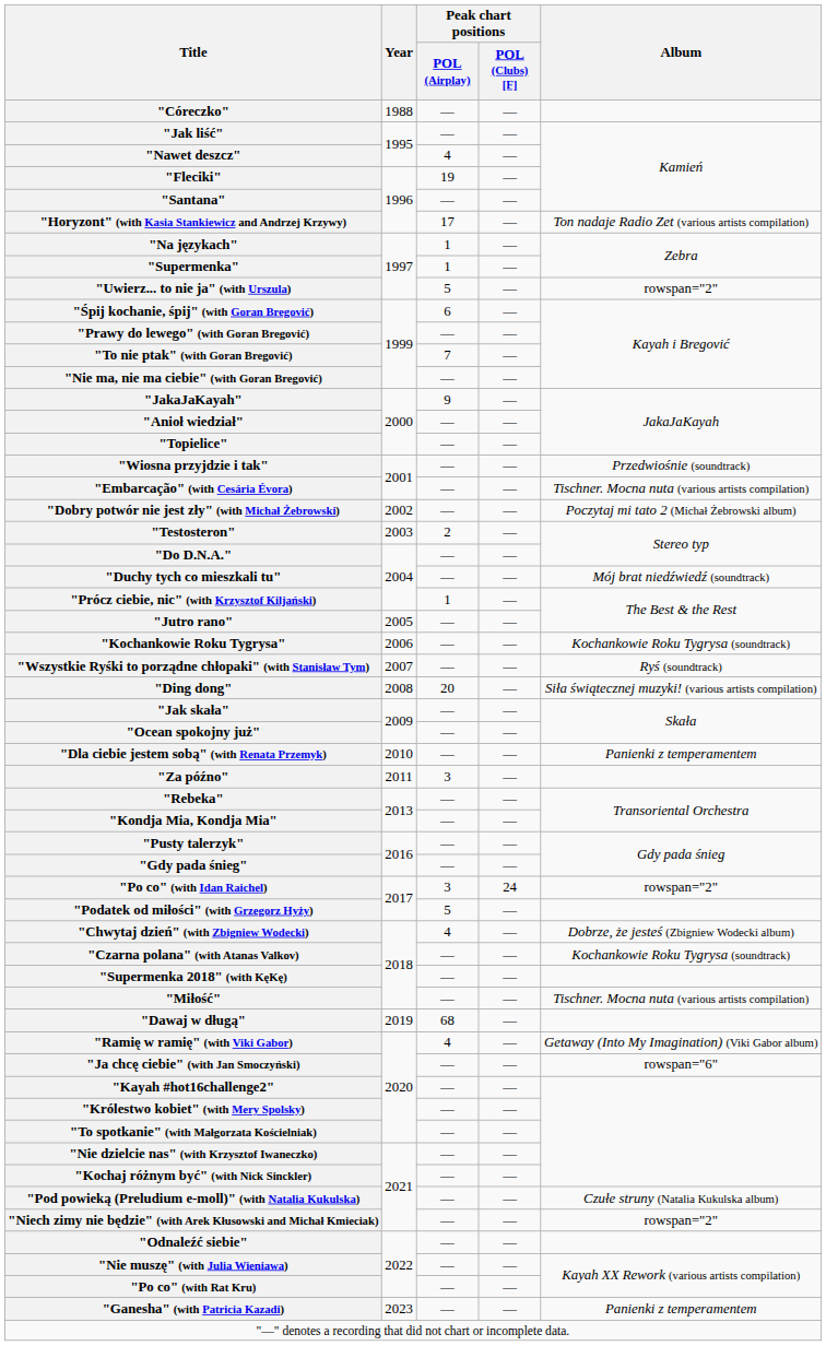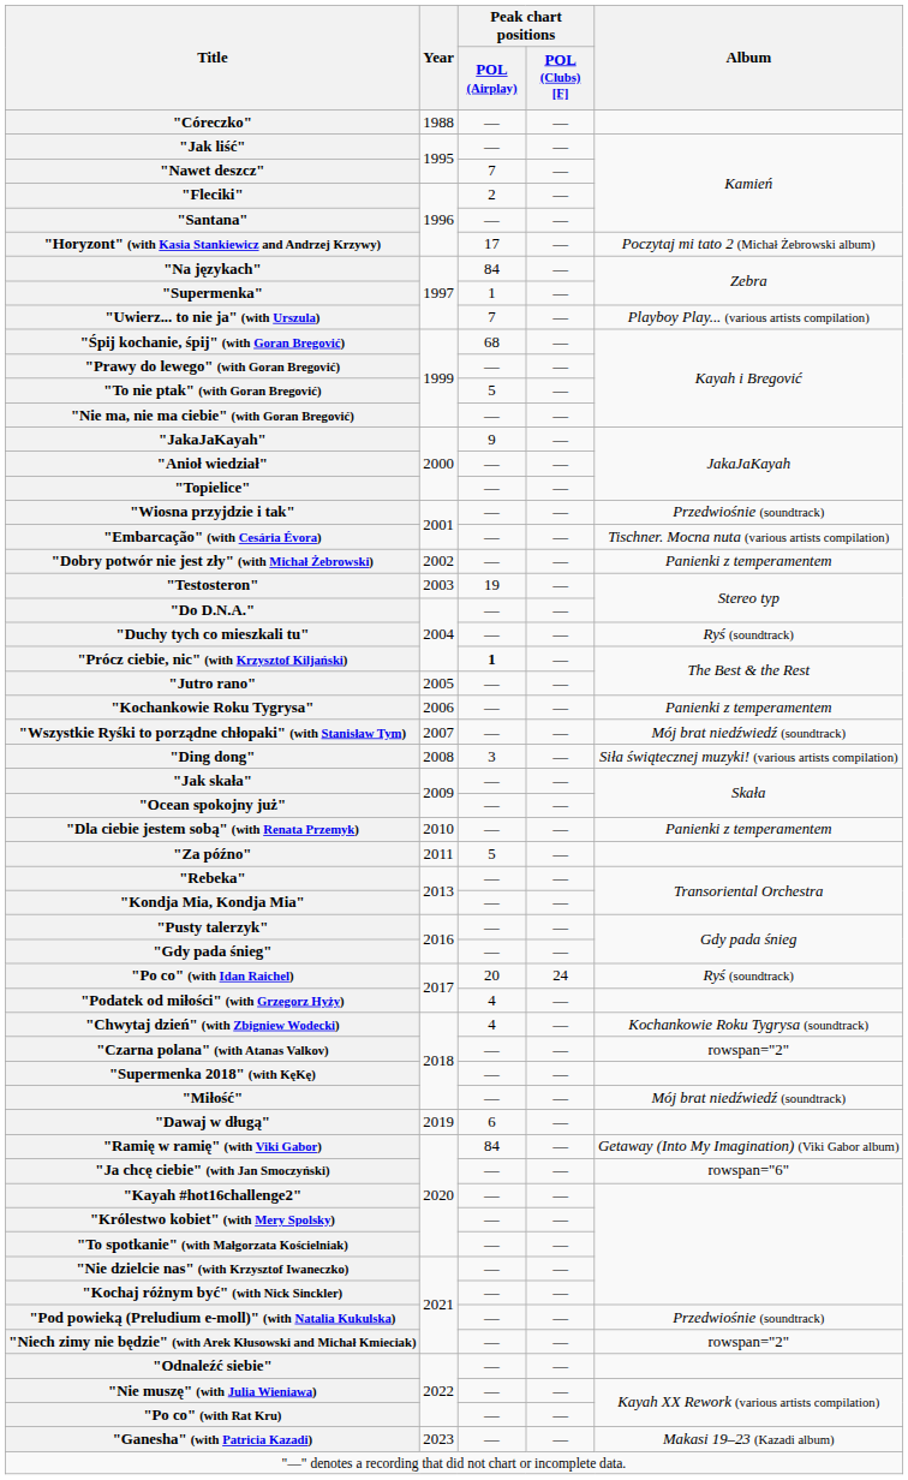 <table class="wikitable plainrowheaders" style="text-align:center;">
 <tr>
 <th scope="col" rowspan="2">Title</th>
 <th scope="col" rowspan="2">Year</th>
 <th scope="col" colspan="2">Peak chart positions</th>
 <th scope="col" rowspan="2">Album</th>
 </tr>
 <tr>
 <th scope="col" style="width:4em"><a href='#'>POL<br><small>(Airplay)</small></a><br></th>
 <th scope="col" style="width:4em"><a href='#'>POL<br><small>(Clubs)</small></a><br><sup><span></span><a href='#'><strong>[F]</strong></a></sup></th>
 </tr>
 <tr>
 <th scope="row">"Córeczko"</th>
 <td>1988</td>
 <td>—</td>
 <td>—</td>
 <td></td>
 </tr>
 <tr>
 <th scope="row">"Jak liść"</th>
 <td rowspan="2">1995</td>
 <td>—</td>
 <td>—</td>
 <td rowspan="4"><em>Kamień</em></td>
 </tr>
 <tr>
 <th scope="row">"Nawet deszcz"</th>
-<td>4</td>
+<td>7</td>
 <td>—</td>
 </tr>
 <tr>
 <th scope="row">"Fleciki"</th>
 <td rowspan="3">1996</td>
-<td>19</td>
+<td>2</td>
 <td>—</td>
 </tr>
 <tr>
 <th scope="row">"Santana"</th>
 <td>—</td>
 <td>—</td>
 </tr>
 <tr>
 <th scope="row">"Horyzont" <small>(with <a href='#'>Kasia Stankiewicz</a> and Andrzej Krzywy)</small></th>
 <td>17</td>
 <td>—</td>
-<td><em>Ton nadaje Radio Zet</em> <small>(various artists compilation)</small></td>
+<td><em>Poczytaj mi tato 2</em> <small>(Michał Żebrowski album)</small></td>
 </tr>
 <tr>
 <th scope="row">"Na językach"</th>
 <td rowspan="3">1997</td>
-<td>1</td>
+<td>84</td>
 <td>—</td>
 <td rowspan="2"><em>Zebra</em></td>
 </tr>
 <tr>
 <th scope="row">"Supermenka"</th>
 <td>1</td>
 <td>—</td>
 </tr>
 <tr>
 <th scope="row">"Uwierz... to nie ja" <small>(with <a href='#'>Urszula</a>)</small></th>
-<td>5</td>
+<td>7</td>
 <td>—</td>
-<td>rowspan="2" </td>
+<td><em>Playboy Play...</em> <small>(various artists compilation)</small></td>
 </tr>
 <tr>
 <th scope="row">"Śpij kochanie, śpij" <small>(with <a href='#'>Goran Bregović</a>)</small></th>
 <td rowspan="4">1999</td>
-<td>6</td>
+<td>68</td>
 <td>—</td>
 <td rowspan="4"><em>Kayah i Bregović</em></td>
 </tr>
 <tr>
 <th scope="row">"Prawy do lewego" <small>(with Goran Bregović)</small></th>
 <td>—</td>
 <td>—</td>
 </tr>
 <tr>
 <th scope="row">"To nie ptak" <small>(with Goran Bregović)</small></th>
-<td>7</td>
+<td>5</td>
 <td>—</td>
 </tr>
 <tr>
 <th scope="row">"Nie ma, nie ma ciebie" <small>(with Goran Bregović)</small></th>
 <td>—</td>
 <td>—</td>
 </tr>
 <tr>
 <th scope="row">"JakaJaKayah"</th>
 <td rowspan="3">2000</td>
 <td>9</td>
 <td>—</td>
 <td rowspan="3"><em>JakaJaKayah</em></td>
 </tr>
 <tr>
 <th scope="row">"Anioł wiedział"</th>
 <td>—</td>
 <td>—</td>
 </tr>
 <tr>
 <th scope="row">"Topielice"</th>
 <td>—</td>
 <td>—</td>
 </tr>
 <tr>
 <th scope="row">"Wiosna przyjdzie i tak"</th>
 <td rowspan="2">2001</td>
 <td>—</td>
 <td>—</td>
 <td><em>Przedwiośnie</em> <small>(soundtrack)</small></td>
 </tr>
 <tr>
 <th scope="row">"Embarcação" <small>(with <a href='#'>Cesária Évora</a>)</small></th>
 <td>—</td>
 <td>—</td>
 <td><em>Tischner. Mocna nuta</em> <small>(various artists compilation)</small></td>
 </tr>
 <tr>
 <th scope="row">"Dobry potwór nie jest zły" <small>(with <a href='#'>Michał Żebrowski</a>)</small></th>
 <td>2002</td>
 <td>—</td>
 <td>—</td>
-<td><em>Poczytaj mi tato 2</em> <small>(Michał Żebrowski album)</small></td>
+<td><em>Panienki z temperamentem</em></td>
 </tr>
 <tr>
 <th scope="row">"Testosteron"</th>
 <td>2003</td>
-<td>2</td>
+<td>19</td>
 <td>—</td>
 <td rowspan="2"><em>Stereo typ</em></td>
 </tr>
 <tr>
 <th scope="row">"Do D.N.A."</th>
 <td rowspan="3">2004</td>
 <td>—</td>
 <td>—</td>
 </tr>
 <tr>
 <th scope="row">"Duchy tych co mieszkali tu"</th>
 <td>—</td>
 <td>—</td>
-<td><em>Mój brat niedźwiedź</em> <small>(soundtrack)</small></td>
+<td><em>Ryś</em> <small>(soundtrack)</small></td>
 </tr>
 <tr>
 <th scope="row">"Prócz ciebie, nic" <small>(with <a href='#'>Krzysztof Kiljański</a>)</small></th>
-<td>1</td>
+<td><strong>1</strong></td>
 <td>—</td>
 <td rowspan="2"><em>The Best & the Rest</em></td>
 </tr>
 <tr>
 <th scope="row">"Jutro rano"</th>
 <td>2005</td>
 <td>—</td>
 <td>—</td>
 </tr>
 <tr>
 <th scope="row">"Kochankowie Roku Tygrysa"</th>
 <td>2006</td>
 <td>—</td>
 <td>—</td>
-<td><em>Kochankowie Roku Tygrysa</em> <small>(soundtrack)</small></td>
+<td><em>Panienki z temperamentem</em></td>
 </tr>
 <tr>
 <th scope="row">"Wszystkie Ryśki to porządne chłopaki" <small>(with <a href='#'>Stanisław Tym</a>)</small></th>
 <td>2007</td>
 <td>—</td>
 <td>—</td>
-<td><em>Ryś</em> <small>(soundtrack)</small></td>
+<td><em>Mój brat niedźwiedź</em> <small>(soundtrack)</small></td>
 </tr>
 <tr>
 <th scope="row">"Ding dong"</th>
 <td>2008</td>
-<td>20</td>
+<td>3</td>
 <td>—</td>
 <td><em>Siła świątecznej muzyki!</em> <small>(various artists compilation)</small></td>
 </tr>
 <tr>
 <th scope="row">"Jak skała"</th>
 <td rowspan="2">2009</td>
 <td>—</td>
 <td>—</td>
 <td rowspan="2"><em>Skała</em></td>
 </tr>
 <tr>
 <th scope="row">"Ocean spokojny już"</th>
 <td>—</td>
 <td>—</td>
 </tr>
 <tr>
 <th scope="row">"Dla ciebie jestem sobą" <small>(with <a href='#'>Renata Przemyk</a>)</small></th>
 <td>2010</td>
 <td>—</td>
 <td>—</td>
 <td><em>Panienki z temperamentem</em></td>
 </tr>
 <tr>
 <th scope="row">"Za późno"</th>
 <td>2011</td>
-<td>3</td>
+<td>5</td>
 <td>—</td>
 <td></td>
 </tr>
 <tr>
 <th scope="row">"Rebeka"</th>
 <td rowspan="2">2013</td>
 <td>—</td>
 <td>—</td>
 <td rowspan="2"><em>Transoriental Orchestra</em></td>
 </tr>
 <tr>
 <th scope="row">"Kondja Mia, Kondja Mia"</th>
 <td>—</td>
 <td>—</td>
 </tr>
 <tr>
 <th scope="row">"Pusty talerzyk"</th>
 <td rowspan="2">2016</td>
 <td>—</td>
 <td>—</td>
 <td rowspan="2"><em>Gdy pada śnieg</em></td>
 </tr>
 <tr>
 <th scope="row">"Gdy pada śnieg"</th>
 <td>—</td>
 <td>—</td>
 </tr>
 <tr>
 <th scope="row">"Po co" <small>(with <a href='#'>Idan Raichel</a>)</small></th>
 <td rowspan="2">2017</td>
-<td>3</td>
+<td>20</td>
 <td>24</td>
-<td>rowspan="2" </td>
+<td><em>Ryś</em> <small>(soundtrack)</small></td>
 </tr>
 <tr>
 <th scope="row">"Podatek od miłości" <small>(with <a href='#'>Grzegorz Hyży</a>)</small></th>
-<td>5</td>
+<td>4</td>
 <td>—</td>
 </tr>
 <tr>
 <th scope="row">"Chwytaj dzień" <small>(with <a href='#'>Zbigniew Wodecki</a>)</small></th>
 <td rowspan="4">2018</td>
 <td>4</td>
 <td>—</td>
-<td><em>Dobrze, że jesteś</em> <small>(Zbigniew Wodecki album)</small></td>
+<td><em>Kochankowie Roku Tygrysa</em> <small>(soundtrack)</small></td>
 </tr>
 <tr>
 <th scope="row">"Czarna polana" <small>(with Atanas Valkov)</small></th>
 <td>—</td>
 <td>—</td>
-<td><em>Kochankowie Roku Tygrysa</em> <small>(soundtrack)</small></td>
+<td>rowspan="2" </td>
 </tr>
 <tr>
 <th scope="row">"Supermenka 2018" <small>(with KęKę)</small></th>
 <td>—</td>
 <td>—</td>
 </tr>
 <tr>
 <th scope="row">"Miłość"</th>
 <td>—</td>
 <td>—</td>
-<td><em>Tischner. Mocna nuta</em> <small>(various artists compilation)</small></td>
+<td><em>Mój brat niedźwiedź</em> <small>(soundtrack)</small></td>
 </tr>
 <tr>
 <th scope="row">"Dawaj w długą"</th>
 <td>2019</td>
-<td>68</td>
+<td>6</td>
 <td>—</td>
 <td></td>
 </tr>
 <tr>
 <th scope="row">"Ramię w ramię" <small>(with <a href='#'>Viki Gabor</a>)</small></th>
 <td rowspan="5">2020</td>
-<td>4</td>
+<td>84</td>
 <td>—</td>
 <td><em>Getaway (Into My Imagination)</em> <small>(Viki Gabor album)</small></td>
 </tr>
 <tr>
 <th scope="row">"Ja chcę ciebie" <small>(with Jan Smoczyński)</small></th>
 <td>—</td>
 <td>—</td>
 <td>rowspan="6" </td>
 </tr>
 <tr>
 <th scope="row">"Kayah #hot16challenge2"</th>
 <td>—</td>
 <td>—</td>
 </tr>
 <tr>
 <th scope="row">"Królestwo kobiet" <small>(with <a href='#'>Mery Spolsky</a>)</small></th>
 <td>—</td>
 <td>—</td>
 </tr>
 <tr>
 <th scope="row">"To spotkanie" <small>(with Małgorzata Kościelniak)</small></th>
 <td>—</td>
 <td>—</td>
 </tr>
 <tr>
 <th scope="row">"Nie dzielcie nas" <small>(with Krzysztof Iwaneczko)</small></th>
 <td rowspan="4">2021</td>
 <td>—</td>
 <td>—</td>
 </tr>
 <tr>
 <th scope="row">"Kochaj różnym być" <small>(with Nick Sinckler)</small></th>
 <td>—</td>
 <td>—</td>
 </tr>
 <tr>
 <th scope="row">"Pod powieką (Preludium e-moll)" <small>(with <a href='#'>Natalia Kukulska</a>)</small></th>
 <td>—</td>
 <td>—</td>
-<td><em>Czułe struny</em> <small>(Natalia Kukulska album)</small></td>
+<td><em>Przedwiośnie</em> <small>(soundtrack)</small></td>
 </tr>
 <tr>
 <th scope="row">"Niech zimy nie będzie" <small>(with Arek Kłusowski and Michał Kmieciak)</small></th>
 <td>—</td>
 <td>—</td>
 <td>rowspan="2" </td>
 </tr>
 <tr>
 <th scope="row">"Odnaleźć siebie"</th>
 <td rowspan="3">2022</td>
 <td>—</td>
 <td>—</td>
 </tr>
 <tr>
 <th scope="row">"Nie muszę" <small>(with <a href='#'>Julia Wieniawa</a>)</small></th>
 <td>—</td>
 <td>—</td>
 <td rowspan="2"><em>Kayah XX Rework</em> <small>(various artists compilation)</small></td>
 </tr>
 <tr>
 <th scope="row">"Po co" <small>(with Rat Kru)</small></th>
 <td>—</td>
 <td>—</td>
 </tr>
 <tr>
 <th scope="row">"Ganesha" <small>(with <a href='#'>Patricia Kazadi</a>)</small></th>
 <td>2023</td>
 <td>—</td>
 <td>—</td>
-<td><em>Panienki z temperamentem</em></td>
+<td><em>Makasi 19–23</em> <small>(Kazadi album)</small></td>
 </tr>
 <tr>
 <td colspan="20" style="font-size:90%">"—" denotes a recording that did not chart or incomplete data.</td>
 </tr>
 </table>
